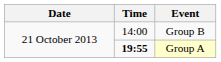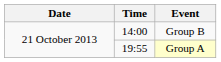 <table class = "wikitable" style="text-align:center;">
 <tr>
 <th width=150>Date</th>
 <th width=50>Time</th>
 <th width=80>Event</th>
 </tr>
 <tr>
 <td rowspan=2>21 October 2013</td>
 <td>14:00</td>
 <td>Group B</td>
 </tr>
 <tr>
-<td><strong>19:55</strong></td>
+<td>19:55</td>
 <td bgcolor=ffffcc>Group A</td>
 </tr>
 </table>
